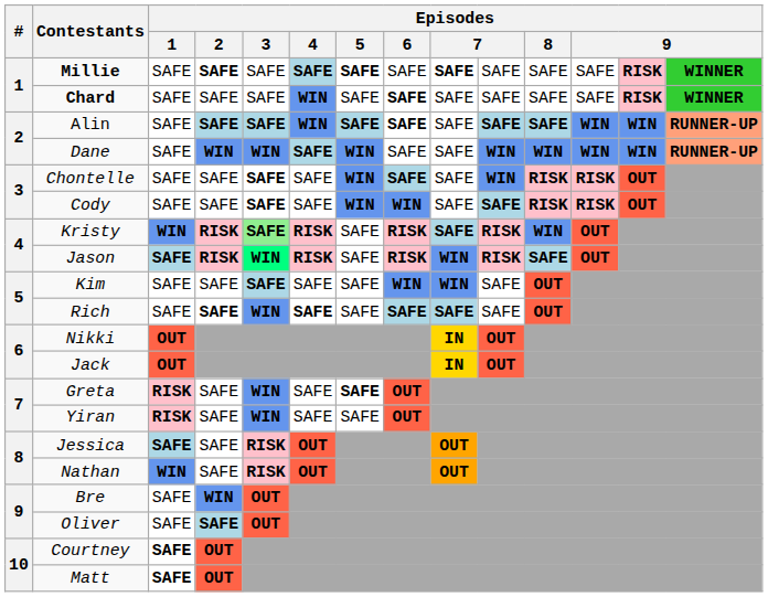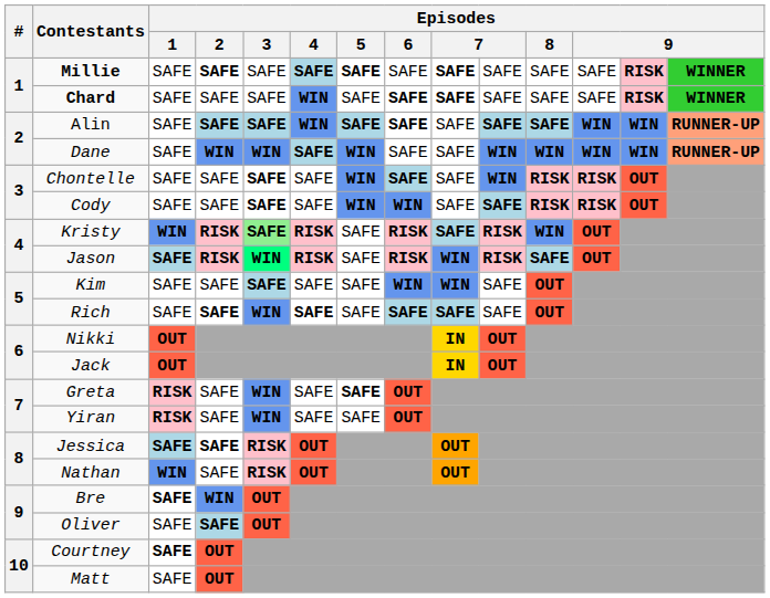 <table class="wikitable" style="text-align:center">
 <tr>
 <th rowspan="2">#</th>
 <th rowspan="2">Contestants</th>
 <th colspan="15">Episodes</th>
 </tr>
 <tr>
 <th>1</th>
 <th>2</th>
 <th>3</th>
 <th>4</th>
 <th>5</th>
 <th>6</th>
 <th colspan="2">7</th>
 <th>8</th>
 <th colspan="3">9</th>
 </tr>
 <tr>
 <th rowspan="2">1</th>
 <td><strong>Millie</strong></td>
 <td bgcolor="white">SAFE</td>
 <td bgcolor="white"><strong>SAFE</strong></td>
 <td bgcolor="white">SAFE</td>
 <td bgcolor="lightblue"><strong>SAFE</strong></td>
 <td bgcolor="white"><strong>SAFE</strong></td>
 <td bgcolor="white">SAFE</td>
 <td bgcolor="white"><strong>SAFE</strong></td>
 <td bgcolor="white">SAFE</td>
 <td bgcolor="white">SAFE</td>
 <td bgcolor="white">SAFE</td>
 <td bgcolor="pink"><strong>RISK</strong></td>
 <td bgcolor="limegreen"><strong>WINNER</strong></td>
 </tr>
 <tr>
 <td><strong>Chard</strong></td>
 <td bgcolor="white">SAFE</td>
 <td bgcolor="white">SAFE</td>
 <td bgcolor="white">SAFE</td>
 <td bgcolor="cornflowerblue"><strong>WIN</strong></td>
 <td bgcolor="white">SAFE</td>
 <td bgcolor="white"><strong>SAFE</strong></td>
-<td bgcolor="white">SAFE</td>
+<td bgcolor="white"><strong>SAFE</strong></td>
 <td bgcolor="white">SAFE</td>
 <td bgcolor="white">SAFE</td>
 <td bgcolor="white">SAFE</td>
 <td bgcolor="pink"><strong>RISK</strong></td>
 <td bgcolor="limegreen"><strong>WINNER</strong></td>
 </tr>
 <tr>
 <th rowspan="2">2</th>
 <td>Alin</td>
 <td bgcolor="white">SAFE</td>
 <td bgcolor="lightblue"><strong>SAFE</strong></td>
 <td bgcolor="lightblue"><strong>SAFE</strong></td>
 <td bgcolor="cornflowerblue"><strong>WIN</strong></td>
 <td bgcolor="lightblue"><strong>SAFE</strong></td>
 <td bgcolor="white"><strong>SAFE</strong></td>
 <td bgcolor="white">SAFE</td>
 <td bgcolor="lightblue"><strong>SAFE</strong></td>
 <td bgcolor="lightblue"><strong>SAFE</strong></td>
 <td bgcolor="cornflowerblue"><strong>WIN</strong></td>
 <td bgcolor="cornflowerblue"><strong>WIN</strong></td>
 <td bgcolor="lightsalmon"><strong>RUNNER-UP</strong></td>
 </tr>
 <tr>
 <td><em>Dane</em></td>
 <td bgcolor="white">SAFE</td>
 <td bgcolor="cornflowerblue"><strong>WIN</strong></td>
 <td bgcolor="cornflowerblue"><strong>WIN</strong></td>
 <td bgcolor="lightblue"><strong>SAFE</strong></td>
 <td bgcolor="cornflowerblue"><strong>WIN</strong></td>
 <td bgcolor="white">SAFE</td>
 <td bgcolor="white">SAFE</td>
 <td bgcolor="cornflowerblue"><strong>WIN</strong></td>
 <td bgcolor="cornflowerblue"><strong>WIN</strong></td>
 <td bgcolor="cornflowerblue"><strong>WIN</strong></td>
 <td bgcolor="cornflowerblue"><strong>WIN</strong></td>
 <td bgcolor="lightsalmon"><strong>RUNNER-UP</strong></td>
 </tr>
 <tr>
 <th rowspan="2">3</th>
 <td><em>Chontelle</em></td>
 <td bgcolor="white">SAFE</td>
 <td bgcolor="white">SAFE</td>
 <td bgcolor="white"><strong>SAFE</strong></td>
 <td bgcolor="white">SAFE</td>
 <td bgcolor="cornflowerblue"><strong>WIN</strong></td>
 <td bgcolor="lightblue"><strong>SAFE</strong></td>
 <td bgcolor="white">SAFE</td>
 <td bgcolor="cornflowerblue"><strong>WIN</strong></td>
 <td bgcolor="pink"><strong>RISK</strong></td>
 <td bgcolor="pink"><strong>RISK</strong></td>
 <td bgcolor="tomato"><strong>OUT</strong></td>
 <td bgcolor="darkgray" colspan="20"></td>
 </tr>
 <tr>
 <td><em>Cody</em></td>
 <td bgcolor="white">SAFE</td>
 <td bgcolor="white">SAFE</td>
 <td bgcolor="white"><strong>SAFE</strong></td>
 <td bgcolor="white">SAFE</td>
 <td bgcolor="cornflowerblue"><strong>WIN</strong></td>
 <td bgcolor="cornflowerblue"><strong>WIN</strong></td>
 <td bgcolor="white">SAFE</td>
 <td bgcolor="lightblue"><strong>SAFE</strong></td>
 <td bgcolor="pink"><strong>RISK</strong></td>
 <td bgcolor="pink"><strong>RISK</strong></td>
 <td bgcolor="tomato"><strong>OUT</strong></td>
 <td bgcolor="darkgray" colspan="20"></td>
 </tr>
 <tr>
 <th rowspan="2">4</th>
 <td><em>Kristy</em></td>
 <td bgcolor="cornflowerblue"><strong>WIN</strong></td>
 <td bgcolor="pink"><strong>RISK</strong></td>
 <td bgcolor="lightgreen"><strong>SAFE</strong></td>
 <td bgcolor="pink"><strong>RISK</strong></td>
 <td bgcolor="white">SAFE</td>
 <td bgcolor="pink"><strong>RISK</strong></td>
 <td bgcolor="lightblue"><strong>SAFE</strong></td>
 <td bgcolor="pink"><strong>RISK</strong></td>
 <td bgcolor="cornflowerblue"><strong>WIN</strong></td>
 <td bgcolor="tomato"><strong>OUT</strong></td>
 <td bgcolor="darkgray" colspan="20"></td>
 </tr>
 <tr>
 <td><em>Jason</em></td>
 <td bgcolor="lightblue"><strong>SAFE</strong></td>
 <td bgcolor="pink"><strong>RISK</strong></td>
 <td bgcolor="springgreen"><strong>WIN</strong></td>
 <td bgcolor="pink"><strong>RISK</strong></td>
 <td bgcolor="white">SAFE</td>
 <td bgcolor="pink"><strong>RISK</strong></td>
 <td bgcolor="cornflowerblue"><strong>WIN</strong></td>
 <td bgcolor="pink"><strong>RISK</strong></td>
 <td bgcolor="lightblue"><strong>SAFE</strong></td>
 <td bgcolor="tomato"><strong>OUT</strong></td>
 <td bgcolor="darkgray" colspan="20"></td>
 </tr>
 <tr>
 <th rowspan="2">5</th>
 <td><em>Kim</em></td>
 <td bgcolor="white">SAFE</td>
 <td bgcolor="white">SAFE</td>
 <td bgcolor="lightblue"><strong>SAFE</strong></td>
 <td bgcolor="white">SAFE</td>
 <td bgcolor="white">SAFE</td>
 <td bgcolor="cornflowerblue"><strong>WIN</strong></td>
 <td bgcolor="cornflowerblue"><strong>WIN</strong></td>
 <td bgcolor="white">SAFE</td>
 <td bgcolor="tomato"><strong>OUT</strong></td>
 <td bgcolor="darkgray" colspan="20"></td>
 </tr>
 <tr>
 <td><em>Rich</em></td>
 <td bgcolor="white">SAFE</td>
 <td bgcolor="white"><strong>SAFE</strong></td>
 <td bgcolor="cornflowerblue"><strong>WIN</strong></td>
 <td bgcolor="white"><strong>SAFE</strong></td>
 <td bgcolor="white">SAFE</td>
 <td bgcolor="lightblue"><strong>SAFE</strong></td>
 <td bgcolor="lightblue"><strong>SAFE</strong></td>
 <td bgcolor="white">SAFE</td>
 <td bgcolor="tomato"><strong>OUT</strong></td>
 <td bgcolor="darkgray" colspan="20"></td>
 </tr>
 <tr>
 <th rowspan="2">6</th>
 <td><em>Nikki</em></td>
 <td bgcolor="tomato"><strong>OUT</strong></td>
 <td bgcolor="darkgray" colspan="5"></td>
 <td bgcolor="gold"><strong>IN</strong></td>
 <td bgcolor="tomato"><strong>OUT</strong></td>
 <td bgcolor="darkgray" colspan="20"></td>
 </tr>
 <tr>
 <td><em>Jack</em></td>
 <td bgcolor="tomato"><strong>OUT</strong></td>
 <td bgcolor="darkgray" colspan="5"></td>
 <td bgcolor="gold"><strong>IN</strong></td>
 <td bgcolor="tomato"><strong>OUT</strong></td>
 <td bgcolor="darkgray" colspan="20"></td>
 </tr>
 <tr>
 <th rowspan="2">7</th>
 <td><em>Greta</em></td>
 <td bgcolor="pink"><strong>RISK</strong></td>
 <td bgcolor="white">SAFE</td>
 <td bgcolor="cornflowerblue"><strong>WIN</strong></td>
 <td bgcolor="white">SAFE</td>
 <td bgcolor="white"><strong>SAFE</strong></td>
 <td bgcolor="tomato"><strong>OUT</strong></td>
 <td bgcolor="darkgray" colspan="20"></td>
 </tr>
 <tr>
 <td><em>Yiran</em></td>
 <td bgcolor="pink"><strong>RISK</strong></td>
 <td bgcolor="white">SAFE</td>
 <td bgcolor="cornflowerblue"><strong>WIN</strong></td>
 <td bgcolor="white">SAFE</td>
 <td bgcolor="white">SAFE</td>
 <td bgcolor="tomato"><strong>OUT</strong></td>
 <td bgcolor="darkgray" colspan="20"></td>
 </tr>
 <tr>
 <th rowspan="2">8</th>
 <td><em>Jessica</em></td>
 <td bgcolor="lightblue"><strong>SAFE</strong></td>
-<td bgcolor="white">SAFE</td>
+<td bgcolor="white"><strong>SAFE</strong></td>
 <td bgcolor="pink"><strong>RISK</strong></td>
 <td bgcolor="tomato"><strong>OUT</strong></td>
 <td bgcolor="darkgray" colspan="2"></td>
 <td bgcolor="orange"><strong>OUT</strong></td>
 <td bgcolor="darkgray" colspan="5"></td>
 </tr>
 <tr>
 <td><em>Nathan</em></td>
 <td bgcolor="cornflowerblue"><strong>WIN</strong></td>
 <td bgcolor="white">SAFE</td>
 <td bgcolor="pink"><strong>RISK</strong></td>
 <td bgcolor="tomato"><strong>OUT</strong></td>
 <td bgcolor="darkgray" colspan="2"></td>
 <td bgcolor="orange"><strong>OUT</strong></td>
 <td bgcolor="darkgray" colspan="5"></td>
 </tr>
 <tr>
 <th rowspan="2">9</th>
 <td><em>Bre</em></td>
-<td bgcolor="white">SAFE</td>
+<td bgcolor="white"><strong>SAFE</strong></td>
 <td bgcolor="cornflowerblue"><strong>WIN</strong></td>
 <td bgcolor="tomato"><strong>OUT</strong></td>
 <td bgcolor="darkgray" colspan="20"></td>
 </tr>
 <tr>
 <td><em>Oliver</em></td>
 <td bgcolor="white">SAFE</td>
 <td bgcolor="lightblue"><strong>SAFE</strong></td>
 <td bgcolor="tomato"><strong>OUT</strong></td>
 <td bgcolor="darkgray" colspan="20"></td>
 </tr>
 <tr>
 <th rowspan="2">10</th>
 <td><em>Courtney</em></td>
 <td bgcolor="white"><strong>SAFE</strong></td>
 <td bgcolor="tomato"><strong>OUT</strong></td>
 <td bgcolor="darkgray" colspan="20"></td>
 </tr>
 <tr>
 <td><em>Matt</em></td>
-<td bgcolor="white"><strong>SAFE</strong></td>
+<td bgcolor="white">SAFE</td>
 <td bgcolor="tomato"><strong>OUT</strong></td>
 <td bgcolor="darkgray" colspan="20"></td>
 </tr>
 </table>
